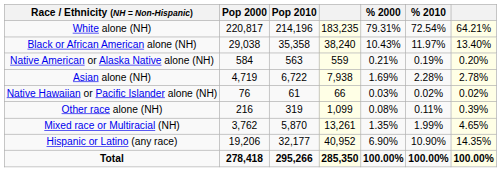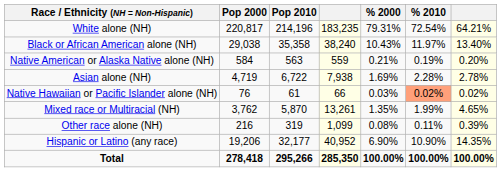 <table class="wikitable" style="text-align:center;">
 <tr>
 <th>Race / Ethnicity <small>(<em>NH = Non-Hispanic</em>)</small></th>
 <th>Pop 2000</th>
 <th>Pop 2010</th>
 <th></th>
 <th>% 2000</th>
 <th>% 2010</th>
 <th></th>
 </tr>
 <tr>
 <td><a href='#'>White</a> alone (NH)</td>
 <td>220,817</td>
 <td>214,196</td>
 <td style='background: #ffffe6;'>183,235</td>
 <td>79.31%</td>
 <td>72.54%</td>
 <td style='background: #ffffe6;'>64.21%</td>
 </tr>
 <tr>
 <td><a href='#'>Black or African American</a> alone (NH)</td>
 <td>29,038</td>
 <td>35,358</td>
 <td style='background: #ffffe6;'>38,240</td>
 <td>10.43%</td>
 <td>11.97%</td>
 <td style='background: #ffffe6;'>13.40%</td>
 </tr>
 <tr>
 <td><a href='#'>Native American</a> or <a href='#'>Alaska Native</a> alone (NH)</td>
 <td>584</td>
 <td>563</td>
 <td style='background: #ffffe6;'>559</td>
 <td>0.21%</td>
 <td>0.19%</td>
 <td style='background: #ffffe6;'>0.20%</td>
 </tr>
 <tr>
 <td><a href='#'>Asian</a> alone (NH)</td>
 <td>4,719</td>
 <td>6,722</td>
 <td style='background: #ffffe6;'>7,938</td>
 <td>1.69%</td>
 <td>2.28%</td>
 <td style='background: #ffffe6;'>2.78%</td>
 </tr>
 <tr>
 <td><a href='#'>Native Hawaiian</a> or <a href='#'>Pacific Islander</a> alone (NH)</td>
 <td>76</td>
 <td>61</td>
 <td style='background: #ffffe6;'>66</td>
 <td>0.03%</td>
-<td>0.02%</td>
+<td style="background: lightsalmon;">0.02%</td>
 <td style='background: #ffffe6;'>0.02%</td>
+</tr>
+<tr>
+<td><a href='#'>Mixed race or Multiracial</a> (NH)</td>
+<td>3,762</td>
+<td>5,870</td>
+<td style='background: #ffffe6;'>13,261</td>
+<td>1.35%</td>
+<td>1.99%</td>
+<td style='background: #ffffe6;'>4.65%</td>
 </tr>
 <tr>
 <td><a href='#'>Other race</a> alone (NH)</td>
 <td>216</td>
 <td>319</td>
 <td style='background: #ffffe6;'>1,099</td>
 <td>0.08%</td>
 <td>0.11%</td>
 <td style='background: #ffffe6;'>0.39%</td>
-</tr>
-<tr>
-<td><a href='#'>Mixed race or Multiracial</a> (NH)</td>
-<td>3,762</td>
-<td>5,870</td>
-<td style='background: #ffffe6;'>13,261</td>
-<td>1.35%</td>
-<td>1.99%</td>
-<td style='background: #ffffe6;'>4.65%</td>
 </tr>
 <tr>
 <td><a href='#'>Hispanic or Latino</a> (any race)</td>
 <td>19,206</td>
 <td>32,177</td>
 <td style='background: #ffffe6;'>40,952</td>
 <td>6.90%</td>
 <td>10.90%</td>
 <td style='background: #ffffe6;'>14.35%</td>
 </tr>
 <tr>
 <td><strong>Total</strong></td>
 <td><strong>278,418</strong></td>
 <td><strong>295,266</strong></td>
 <td style='background: #ffffe6;'><strong>285,350</strong></td>
 <td><strong>100.00%</strong></td>
 <td><strong>100.00%</strong></td>
 <td style='background: #ffffe6;'><strong>100.00%</strong></td>
 </tr>
 </table>
